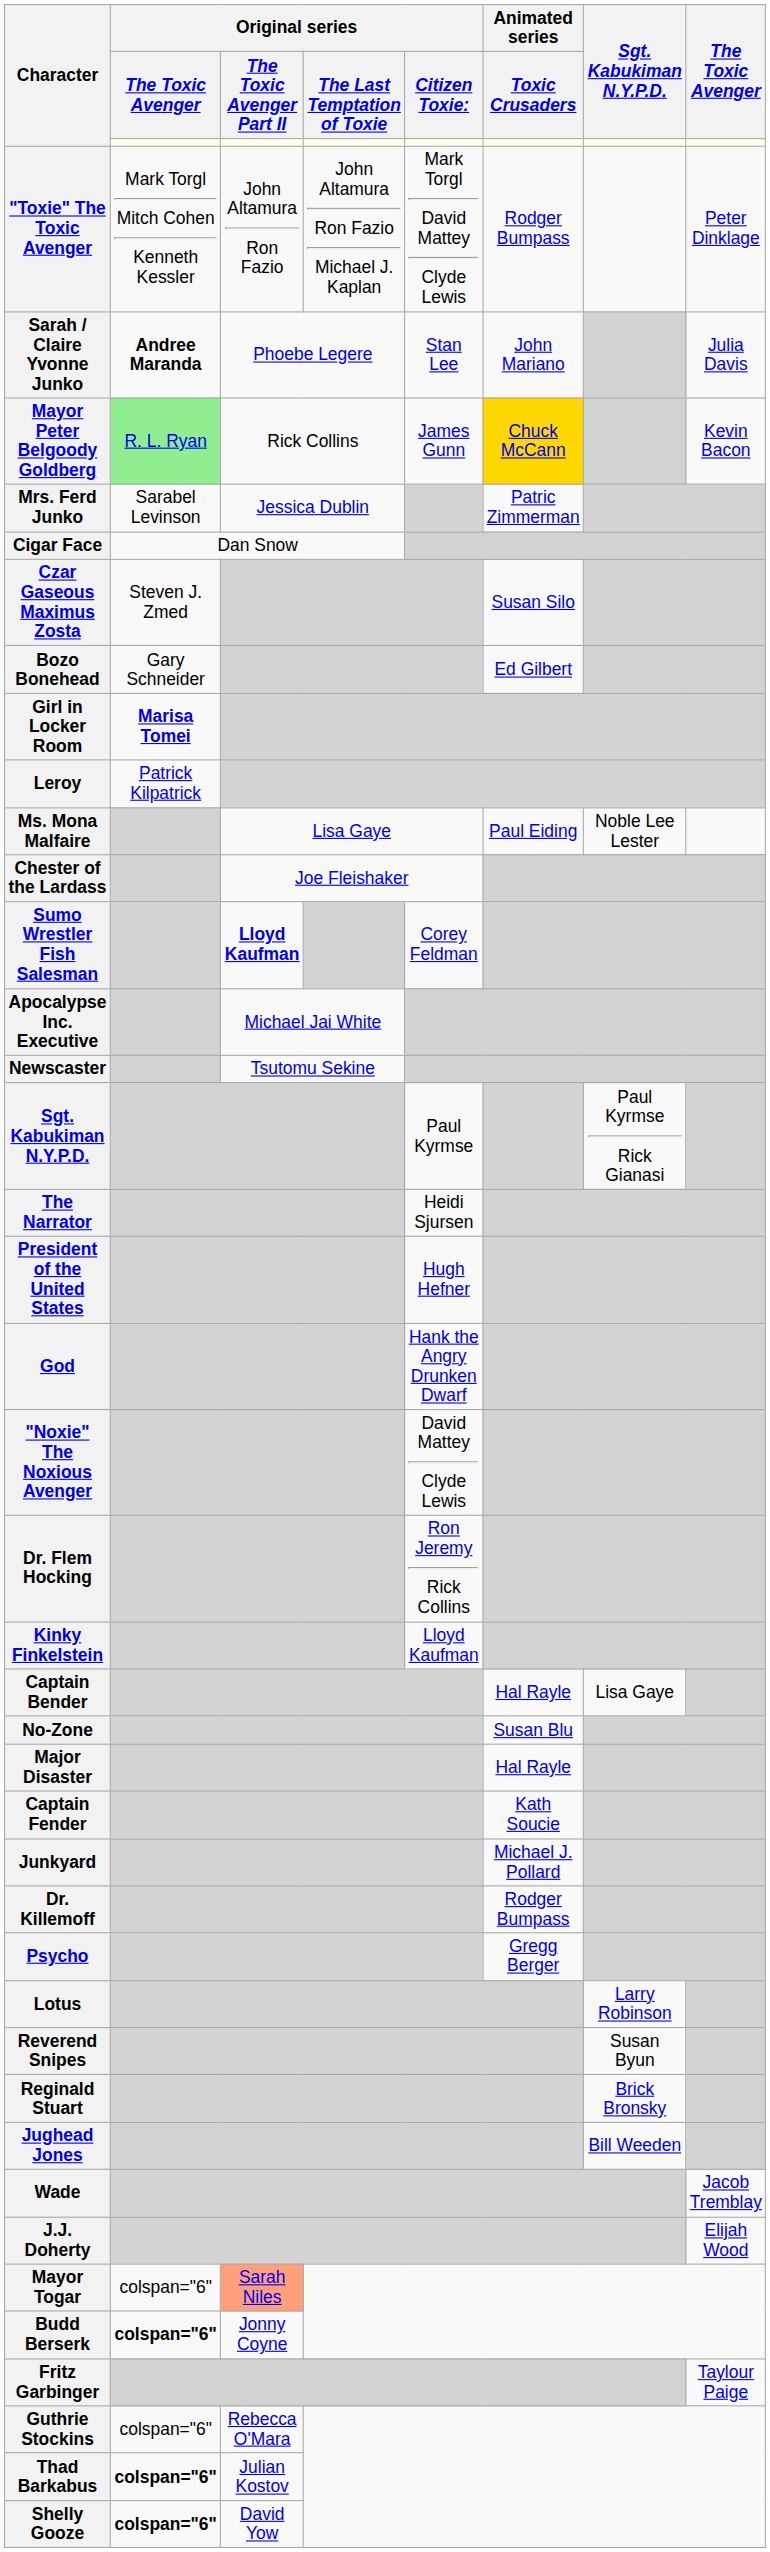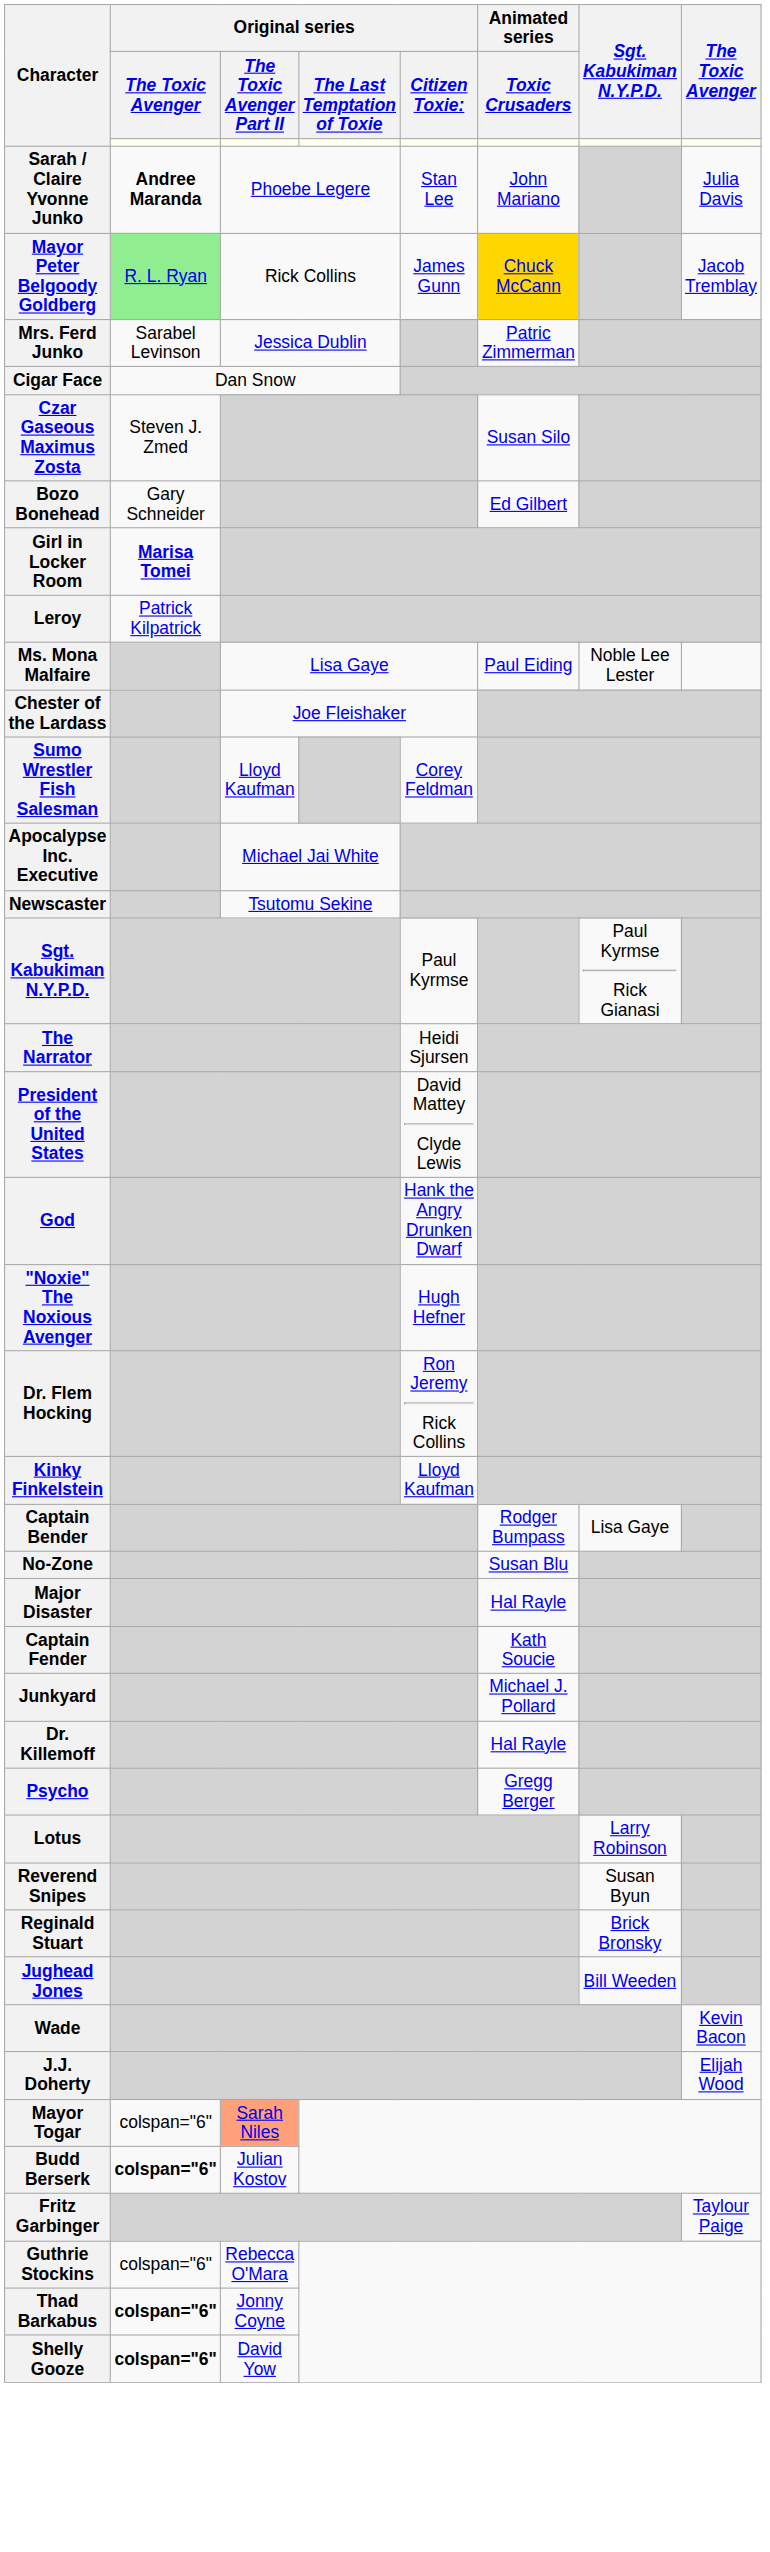 <table class="wikitable" style="text-align:center; width:99%;">
 <tr>
 <th rowspan="3" style="width:16%;">Character</th>
 <th colspan="4" style="text-align:center;">Original series</th>
 <th style="text-align:center;">Animated series</th>
 <th rowspan="2" style="text-align:center; width:8.5%;"><em><a href='#'>Sgt. Kabukiman N.Y.P.D.</a></em></th>
 <th rowspan="2" style="text-align:center; width:8%;"><em><a href='#'>The Toxic Avenger</a></em></th>
 </tr>
 <tr>
 <th style="text-align:center; width:10%;"><a href='#'><em>The Toxic Avenger</em></a></th>
 <th style="text-align:center; width:8%;"><em><a href='#'>The Toxic Avenger Part II</a></em></th>
 <th style="text-align:center; width:15%;"><a href='#'><em><br>The Last Temptation of Toxie</em></a></th>
 <th style="text-align:center; width:10%;"><a href='#'><em>Citizen Toxie:<br></em></a></th>
 <th style="text-align:center; width:9%;"><em><a href='#'>Toxic Crusaders</a></em></th>
 </tr>
 <tr>
 <th style="background:ivory;"><span></span></th>
 <th style="background:ivory;"><span></span></th>
 <th style="background:ivory;"><span></span></th>
 <th style="background:ivory;"><span></span></th>
 <th style="background:ivory;"><span></span></th>
 <th style="background:ivory;"><span></span></th>
 <th style="background:ivory;"><span></span></th>
 </tr>
 <tr>
-<th><a href='#'>"Toxie" The Toxic Avenger<br></a></th>
-<td>Mark Torgl<hr>Mitch Cohen<hr>Kenneth Kessler</td>
-<td>John Altamura<hr>Ron Fazio</td>
-<td>John Altamura<hr>Ron Fazio<hr>Michael J. Kaplan</td>
-<td>Mark Torgl<hr>David Mattey<hr>Clyde Lewis</td>
-<td><a href='#'>Rodger Bumpass</a></td>
-<td></td>
-<td><a href='#'>Peter Dinklage</a></td>
-</tr>
-<tr>
 <th>Sarah / Claire Yvonne Junko<br></th>
 <td><strong>Andree Maranda</strong></td>
 <td colspan="2"><a href='#'>Phoebe Legere</a></td>
 <td><a href='#'>Stan Lee</a></td>
 <td><a href='#'>John Mariano</a></td>
 <td style="background:lightgrey;"></td>
 <td><a href='#'>Julia Davis</a></td>
 </tr>
 <tr>
 <th><a href='#'>Mayor Peter Belgoody Goldberg<br></a></th>
 <td style="background: lightgreen;"><a href='#'>R. L. Ryan</a></td>
 <td colspan="2">Rick Collins</td>
 <td><a href='#'>James Gunn</a></td>
 <td style="background: gold;"><a href='#'>Chuck McCann</a></td>
 <td style="background:lightgrey;"></td>
-<td><a href='#'>Kevin Bacon</a></td>
+<td><a href='#'>Jacob Tremblay</a></td>
 </tr>
 <tr>
 <th>Mrs. Ferd Junko</th>
 <td>Sarabel Levinson</td>
 <td colspan="2"><a href='#'>Jessica Dublin</a></td>
 <td style="background:lightgrey;"></td>
 <td><a href='#'>Patric Zimmerman</a></td>
 <td colspan="2" style="background:lightgrey;"></td>
 </tr>
 <tr>
 <th>Cigar Face</th>
 <td colspan="3">Dan Snow</td>
 <td colspan="4" style="background:lightgrey;"></td>
 </tr>
 <tr>
 <th><a href='#'>Czar Gaseous Maximus Zosta<br></a></th>
 <td>Steven J. Zmed</td>
 <td colspan="3" style="background:lightgrey;"></td>
 <td><a href='#'>Susan Silo</a></td>
 <td colspan="2" style="background:lightgrey;"></td>
 </tr>
 <tr>
 <th>Bozo Bonehead</th>
 <td>Gary Schneider</td>
 <td colspan="3" style="background:lightgrey;"></td>
 <td><a href='#'>Ed Gilbert</a></td>
 <td colspan="2" style="background:lightgrey;"></td>
 </tr>
 <tr>
 <th>Girl in Locker Room</th>
 <td><strong><a href='#'>Marisa Tomei</a></strong></td>
 <td colspan="6" style="background:lightgrey;"></td>
 </tr>
 <tr>
 <th>Leroy</th>
 <td><a href='#'>Patrick Kilpatrick</a></td>
 <td colspan="6" style="background:lightgrey;"></td>
 </tr>
 <tr>
 <th>Ms. Mona Malfaire</th>
 <td style="background:lightgrey;"></td>
 <td colspan="3"><a href='#'>Lisa Gaye</a></td>
 <td><a href='#'>Paul Eiding</a></td>
 <td>Noble Lee Lester</td>
 <td></td>
 </tr>
 <tr>
 <th>Chester of the Lardass<br></th>
 <td style="background:lightgrey;"></td>
 <td colspan="3"><a href='#'>Joe Fleishaker</a></td>
 <td colspan="3" style="background:lightgrey;"></td>
 </tr>
 <tr>
 <th><a href='#'>Sumo Wrestler</a> <a href='#'>Fish Salesman</a></th>
 <td style="background:lightgrey;"></td>
-<td><strong><a href='#'>Lloyd Kaufman</a></strong></td>
+<td><a href='#'>Lloyd Kaufman</a></td>
 <td style="background:lightgrey;"></td>
 <td><a href='#'>Corey Feldman</a></td>
 <td colspan="3" style="background:lightgrey;"></td>
 </tr>
 <tr>
 <th>Apocalypse Inc. Executive</th>
 <td style="background:lightgrey;"></td>
 <td colspan="2"><a href='#'>Michael Jai White</a></td>
 <td colspan="4" style="background:lightgrey;"></td>
 </tr>
 <tr>
 <th>Newscaster</th>
 <td style="background:lightgrey;"></td>
 <td colspan="2"><a href='#'>Tsutomu Sekine</a></td>
 <td colspan="4" style="background:lightgrey;"></td>
 </tr>
 <tr>
 <th><a href='#'>Sgt. Kabukiman N.Y.P.D.<br></a></th>
 <td colspan="3" style="background:lightgrey;"></td>
 <td>Paul Kyrmse</td>
 <td style="background:lightgrey;"></td>
 <td>Paul Kyrmse<hr>Rick Gianasi</td>
 <td style="background:lightgrey;"></td>
 </tr>
 <tr>
 <th><a href='#'>The Narrator</a></th>
 <td colspan="3" style="background:lightgrey;"></td>
 <td>Heidi Sjursen</td>
 <td colspan="3" style="background:lightgrey;"></td>
 </tr>
 <tr>
 <th><a href='#'>President of the United States</a></th>
 <td colspan="3" style="background:lightgrey;"></td>
-<td><a href='#'>Hugh Hefner</a></td>
+<td>David Mattey<hr>Clyde Lewis</td>
 <td colspan="3" style="background:lightgrey;"></td>
 </tr>
 <tr>
 <th><a href='#'>God</a></th>
 <td colspan="3" style="background:lightgrey;"></td>
 <td><a href='#'>Hank the Angry Drunken Dwarf</a></td>
 <td colspan="3" style="background:lightgrey;"></td>
 </tr>
 <tr>
 <th><a href='#'>"Noxie" The Noxious Avenger<br></a></th>
 <td colspan="3" style="background:lightgrey;"></td>
-<td>David Mattey<hr>Clyde Lewis</td>
+<td><a href='#'>Hugh Hefner</a></td>
 <td colspan="3" style="background:lightgrey;"></td>
 </tr>
 <tr>
 <th>Dr. Flem Hocking</th>
 <td colspan="3" style="background:lightgrey;"></td>
 <td><a href='#'>Ron Jeremy</a><hr>Rick Collins</td>
 <td colspan="3" style="background:lightgrey;"></td>
 </tr>
 <tr>
 <th><a href='#'>Kinky Finkelstein</a></th>
 <td colspan="3" style="background:lightgrey;"></td>
 <td><a href='#'>Lloyd Kaufman</a></td>
 <td colspan="3" style="background:lightgrey;"></td>
 </tr>
 <tr>
 <th>Captain Bender</th>
 <td colspan="4" style="background:lightgrey;"></td>
-<td><a href='#'>Hal Rayle</a></td>
+<td><a href='#'>Rodger Bumpass</a></td>
 <td>Lisa Gaye</td>
 <td style="background:lightgrey;"></td>
 </tr>
 <tr>
 <th>No-Zone</th>
 <td colspan="4" style="background:lightgrey;"></td>
 <td><a href='#'>Susan Blu</a></td>
 <td colspan="2" style="background:lightgrey;"></td>
 </tr>
 <tr>
 <th>Major Disaster</th>
 <td colspan="4" style="background:lightgrey;"></td>
 <td><a href='#'>Hal Rayle</a></td>
 <td colspan="2" style="background:lightgrey;"></td>
 </tr>
 <tr>
 <th>Captain Fender</th>
 <td colspan="4" style="background:lightgrey;"></td>
 <td><a href='#'>Kath Soucie</a></td>
 <td colspan="2" style="background:lightgrey;"></td>
 </tr>
 <tr>
 <th>Junkyard</th>
 <td colspan="4" style="background:lightgrey;"></td>
 <td><a href='#'>Michael J. Pollard</a></td>
 <td colspan="2" style="background:lightgrey;"></td>
 </tr>
 <tr>
 <th>Dr. Killemoff</th>
 <td colspan="4" style="background:lightgrey;"></td>
-<td><a href='#'>Rodger Bumpass</a></td>
+<td><a href='#'>Hal Rayle</a></td>
 <td colspan="2" style="background:lightgrey;"></td>
 </tr>
 <tr>
 <th><a href='#'>Psycho</a></th>
 <td colspan="4" style="background:lightgrey;"></td>
 <td><a href='#'>Gregg Berger</a></td>
 <td colspan="2" style="background:lightgrey;"></td>
 </tr>
 <tr>
 <th>Lotus</th>
 <td colspan="5" style="background:lightgrey;"></td>
 <td><a href='#'>Larry Robinson</a></td>
 <td style="background:lightgrey;"></td>
 </tr>
 <tr>
 <th>Reverend Snipes</th>
 <td colspan="5" style="background:lightgrey;"></td>
 <td>Susan Byun</td>
 <td style="background:lightgrey;"></td>
 </tr>
 <tr>
 <th>Reginald Stuart</th>
 <td colspan="5" style="background:lightgrey;"></td>
 <td><a href='#'>Brick Bronsky</a></td>
 <td style="background:lightgrey;"></td>
 </tr>
 <tr>
 <th><a href='#'>Jughead Jones</a></th>
 <td colspan="5" style="background:lightgrey;"></td>
 <td><a href='#'>Bill Weeden</a></td>
 <td style="background:lightgrey;"></td>
 </tr>
 <tr>
 <th>Wade</th>
 <td colspan="6" style="background:lightgrey;"></td>
-<td><a href='#'>Jacob Tremblay</a></td>
+<td><a href='#'>Kevin Bacon</a></td>
 </tr>
 <tr>
 <th>J.J. Doherty</th>
 <td colspan="6" style="background:lightgrey;"></td>
 <td><a href='#'>Elijah Wood</a></td>
 </tr>
 <tr>
 <th>Mayor Togar</th>
 <td>colspan="6" </td>
 <td style="background: lightsalmon;"><a href='#'>Sarah Niles</a></td>
 </tr>
 <tr>
 <th>Budd Berserk</th>
 <td><strong>colspan="6" </strong></td>
-<td><a href='#'>Jonny Coyne</a></td>
+<td><a href='#'>Julian Kostov</a></td>
 </tr>
 <tr>
 <th>Fritz Garbinger</th>
 <td colspan="6" style="background:lightgrey;"></td>
 <td><a href='#'>Taylour Paige</a></td>
 </tr>
 <tr>
 <th>Guthrie Stockins</th>
 <td>colspan="6" </td>
 <td><a href='#'>Rebecca O'Mara</a></td>
 </tr>
 <tr>
 <th>Thad Barkabus</th>
 <td><strong>colspan="6" </strong></td>
-<td><a href='#'>Julian Kostov</a></td>
+<td><a href='#'>Jonny Coyne</a></td>
 </tr>
 <tr>
 <th>Shelly Gooze</th>
 <td><strong>colspan="6" </strong></td>
 <td><a href='#'>David Yow</a></td>
 </tr>
 <tr>
 </tr>
 </table>
